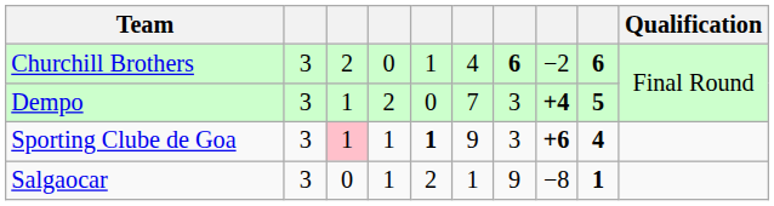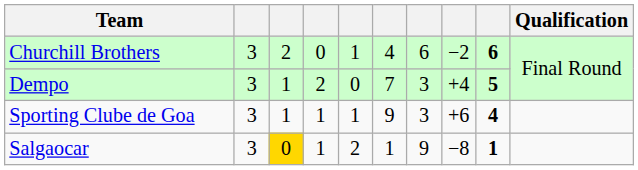 <table class="wikitable" style="text-align:center">
 <tr>
 <th width="175">Team</th>
 <th width="20"></th>
 <th width="20"></th>
 <th width="20"></th>
 <th width="20"></th>
 <th width="20"></th>
 <th width="20"></th>
 <th width="20"></th>
 <th width="20"></th>
 <th width="20">Qualification</th>
 </tr>
 <tr bgcolor="#ccffcc">
 <td align=left><a href='#'>Churchill Brothers</a></td>
 <td>3</td>
 <td>2</td>
 <td>0</td>
 <td>1</td>
 <td>4</td>
-<td><strong>6</strong></td>
+<td>6</td>
 <td>−2</td>
 <td><strong>6</strong></td>
 <td rowspan=2>Final Round</td>
 </tr>
 <tr bgcolor="#ccffcc">
 <td align=left><a href='#'>Dempo</a></td>
 <td>3</td>
 <td>1</td>
 <td>2</td>
 <td>0</td>
 <td>7</td>
 <td>3</td>
-<td><strong>+4</strong></td>
+<td>+4</td>
 <td><strong>5</strong></td>
 </tr>
 <tr>
 <td align=left><a href='#'>Sporting Clube de Goa</a></td>
 <td>3</td>
-<td style="background: pink;">1</td>
 <td>1</td>
-<td><strong>1</strong></td>
+<td>1</td>
+<td>1</td>
 <td>9</td>
 <td>3</td>
-<td><strong>+6</strong></td>
+<td>+6</td>
 <td><strong>4</strong></td>
 <td></td>
 </tr>
 <tr>
 <td align=left><a href='#'>Salgaocar</a></td>
 <td>3</td>
-<td>0</td>
+<td style="background: gold;">0</td>
 <td>1</td>
 <td>2</td>
 <td>1</td>
 <td>9</td>
 <td>−8</td>
 <td><strong>1</strong></td>
 <td></td>
 </tr>
 </table>
